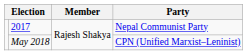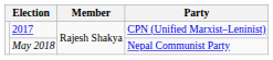 <table class="wikitable">
 <tr>
 <th colspan="2">Election</th>
 <th>Member</th>
 <th>Party</th>
 </tr>
 <tr>
 <td rowspan="2" style="background-color:"></td>
 <td><a href='#'>2017</a></td>
 <td rowspan="2">Rajesh Shakya</td>
-<td><a href='#'>Nepal Communist Party</a></td>
+<td><a href='#'>CPN (Unified Marxist–Leninist)</a></td>
 </tr>
 <tr>
 <td><em>May 2018</em></td>
-<td><a href='#'>CPN (Unified Marxist–Leninist)</a></td>
+<td><a href='#'>Nepal Communist Party</a></td>
 </tr>
 </table>
